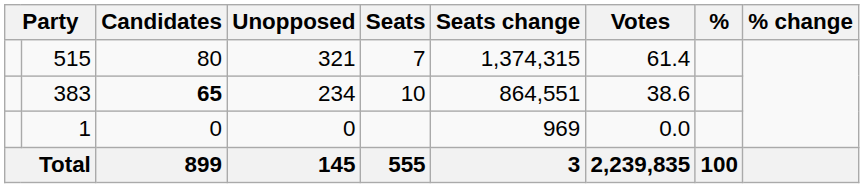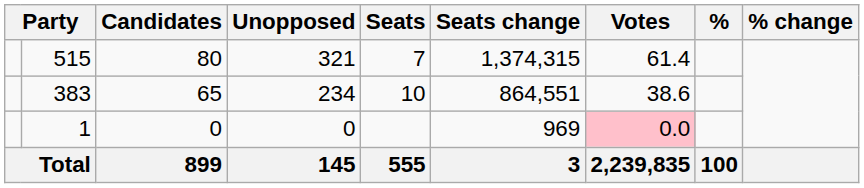 <table class="wikitable sortable">
 <tr>
 <th colspan=2>Party</th>
 <th>Candidates</th>
 <th>Unopposed</th>
 <th>Seats</th>
 <th>Seats change</th>
 <th>Votes</th>
 <th>%</th>
 <th>% change</th>
 </tr>
 <tr>
 <td></td>
 <td align=right>515</td>
 <td align=right>80</td>
 <td align=right>321</td>
 <td align=right>7</td>
 <td align=right>1,374,315</td>
 <td align=right>61.4</td>
 <td align=right></td>
 </tr>
 <tr>
 <td></td>
 <td align=right>383</td>
-<td align=right><strong>65</strong></td>
+<td align=right>65</td>
 <td align=right>234</td>
 <td align=right>10</td>
 <td align=right>864,551</td>
 <td align=right>38.6</td>
 <td align=right></td>
 </tr>
 <tr>
 <td></td>
 <td align=right>1</td>
 <td align=right>0</td>
 <td align=right>0</td>
 <td align=right></td>
 <td align=right>969</td>
-<td align=right>0.0</td>
+<td align=right style="background: pink;">0.0</td>
 <td align=right></td>
 </tr>
 <tr class="sortbottom" style="font-weight: bold; text-align: right; background: #f2f2f2;">
 <th colspan="2" style="padding-left: 1.5em; text-align: left;">Total</th>
 <td align=right>899</td>
 <td align=right>145</td>
 <td align=right>555</td>
 <td align=right>3</td>
 <td align=right>2,239,835</td>
 <td align=right>100</td>
 <td align=right></td>
 </tr>
 </table>
